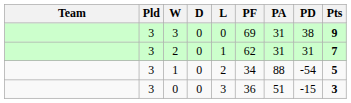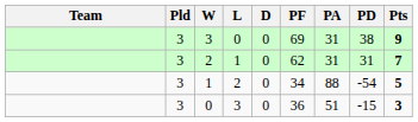 <table class="wikitable" style="text-align:center;">
 <tr>
 <th width=175>Team</th>
 <th width=25 abbr="Played">Pld</th>
 <th width=25 abbr="Won">W</th>
+<th width=25 abbr="Lost">L</th>
 <th width=25 abbr="Drawn">D</th>
-<th width=25 abbr="Lost">L</th>
 <th width=32 abbr="Points for">PF</th>
 <th width=32 abbr="Points against">PA</th>
 <th width=32 abbr="Points difference">PD</th>
 <th width=25 abbr="Points">Pts</th>
 </tr>
 <tr style="background:#cfc;">
 <td align=left></td>
 <td>3</td>
 <td>3</td>
 <td>0</td>
 <td>0</td>
 <td>69</td>
 <td>31</td>
 <td>38</td>
 <td><strong>9</strong></td>
 </tr>
 <tr style="background:#cfc;">
 <td align=left></td>
 <td>3</td>
 <td>2</td>
+<td>1</td>
 <td>0</td>
-<td>1</td>
 <td>62</td>
 <td>31</td>
 <td>31</td>
 <td><strong>7</strong></td>
 </tr>
 <tr>
 <td align=left></td>
 <td>3</td>
 <td>1</td>
+<td>2</td>
 <td>0</td>
-<td>2</td>
 <td>34</td>
 <td>88</td>
 <td>-54</td>
 <td><strong>5</strong></td>
 </tr>
 <tr>
 <td align=left></td>
 <td>3</td>
 <td>0</td>
+<td>3</td>
 <td>0</td>
-<td>3</td>
 <td>36</td>
 <td>51</td>
 <td>-15</td>
 <td><strong>3</strong></td>
 </tr>
 </table>
